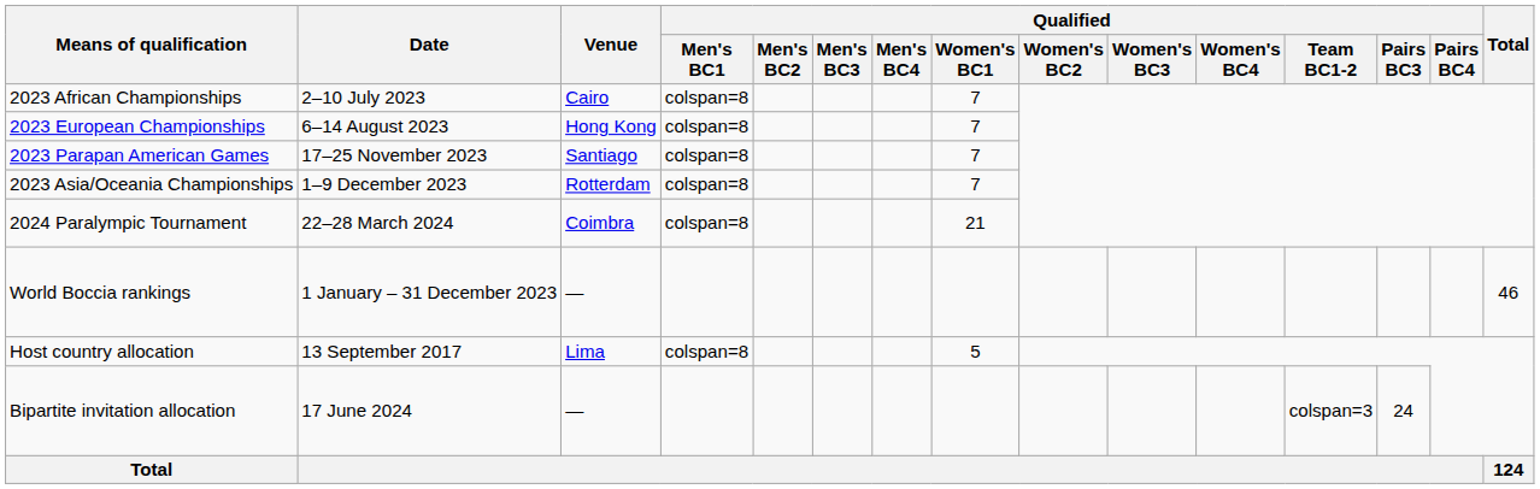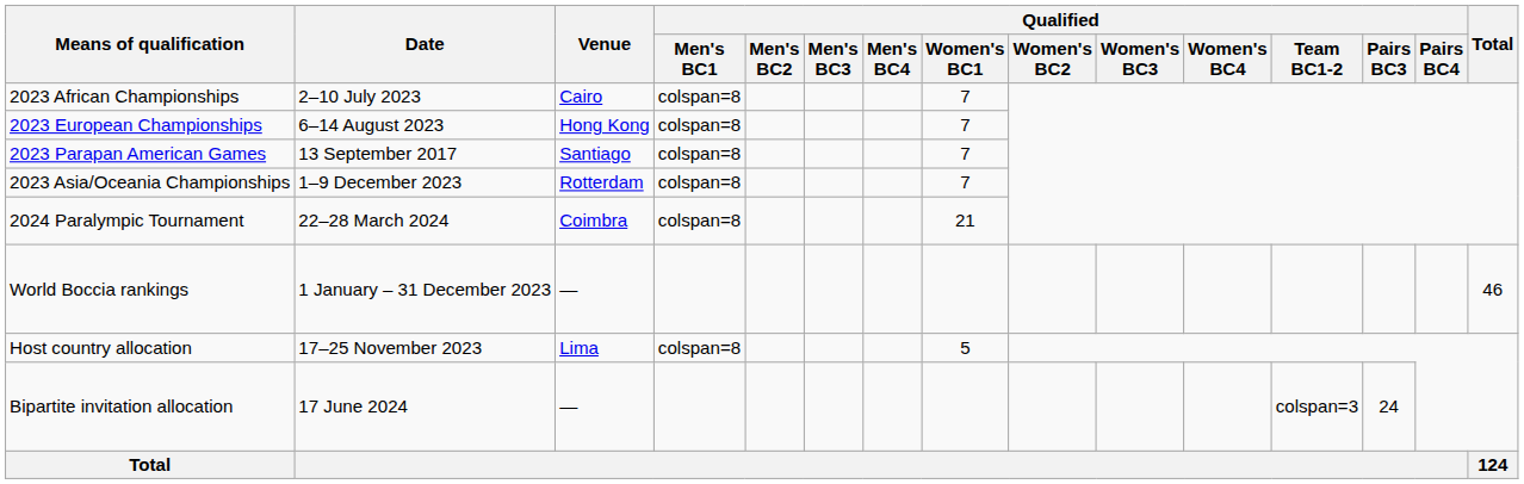 <table class=wikitable style="font-size:90%">
 <tr>
 <th rowspan=2>Means of qualification</th>
 <th rowspan=2>Date</th>
 <th rowspan=2>Venue</th>
 <th colspan=11>Qualified</th>
 <th rowspan=2>Total</th>
 </tr>
 <tr>
 <th>Men's<br>BC1</th>
 <th>Men's<br>BC2</th>
 <th>Men's<br>BC3</th>
 <th>Men's<br>BC4</th>
 <th>Women's<br>BC1</th>
 <th>Women's<br>BC2</th>
 <th>Women's<br>BC3</th>
 <th>Women's<br>BC4</th>
 <th>Team<br>BC1-2</th>
 <th>Pairs<br>BC3</th>
 <th>Pairs<br>BC4</th>
 </tr>
 <tr>
 <td>2023 African Championships</td>
 <td>2–10 July 2023</td>
 <td> <a href='#'>Cairo</a></td>
 <td>colspan=8 </td>
 <td></td>
 <td></td>
 <td></td>
 <td align=center>7</td>
 </tr>
 <tr>
 <td><a href='#'>2023 European Championships</a></td>
 <td>6–14 August 2023</td>
 <td> <a href='#'>Hong Kong</a></td>
 <td>colspan=8 </td>
 <td></td>
 <td></td>
 <td></td>
 <td align=center>7</td>
 </tr>
 <tr>
 <td><a href='#'>2023 Parapan American Games</a></td>
-<td>17–25 November 2023</td>
+<td>13 September 2017</td>
 <td> <a href='#'>Santiago</a></td>
 <td>colspan=8 </td>
 <td></td>
 <td></td>
 <td></td>
 <td align="center">7</td>
 </tr>
 <tr>
 <td>2023 Asia/Oceania Championships</td>
 <td>1–9 December 2023</td>
 <td> <a href='#'>Rotterdam</a></td>
 <td>colspan=8 </td>
 <td></td>
 <td></td>
 <td></td>
 <td align=center>7</td>
 </tr>
 <tr>
 <td>2024 Paralympic Tournament</td>
 <td>22–28 March 2024</td>
 <td> <a href='#'>Coimbra</a></td>
 <td>colspan=8 </td>
 <td><br><br></td>
 <td><br><br></td>
 <td><br><br></td>
 <td align=center>21</td>
 </tr>
 <tr>
 <td>World Boccia rankings</td>
 <td>1 January – 31 December 2023</td>
 <td>—</td>
 <td><br></td>
 <td><br></td>
 <td><br></td>
 <td><br></td>
 <td><br></td>
 <td><br></td>
 <td><br></td>
 <td><br></td>
 <td><br><br><br> </td>
 <td><br><br><br> </td>
 <td><br><br><br> <br> </td>
 <td align=center>46</td>
 </tr>
 <tr>
 <td>Host country allocation</td>
-<td>13 September 2017</td>
+<td>17–25 November 2023</td>
 <td> <a href='#'>Lima</a></td>
 <td>colspan=8 </td>
 <td></td>
 <td></td>
 <td></td>
 <td align=center>5</td>
 </tr>
 <tr>
 <td>Bipartite invitation allocation</td>
 <td>17 June 2024</td>
 <td>—</td>
 <td align=center><br><br><br></td>
 <td align=center><br><br><br><br></td>
 <td align="center"><br></td>
 <td align=center><br></td>
 <td align=center><br><br><br></td>
 <td align=center><br><br></td>
 <td align=center><br></td>
 <td align=center><br></td>
 <td>colspan=3 </td>
 <td align=center>24</td>
 </tr>
 <tr>
 <th>Total</th>
 <th colspan=13></th>
 <th align=center>124</th>
 </tr>
 </table>
